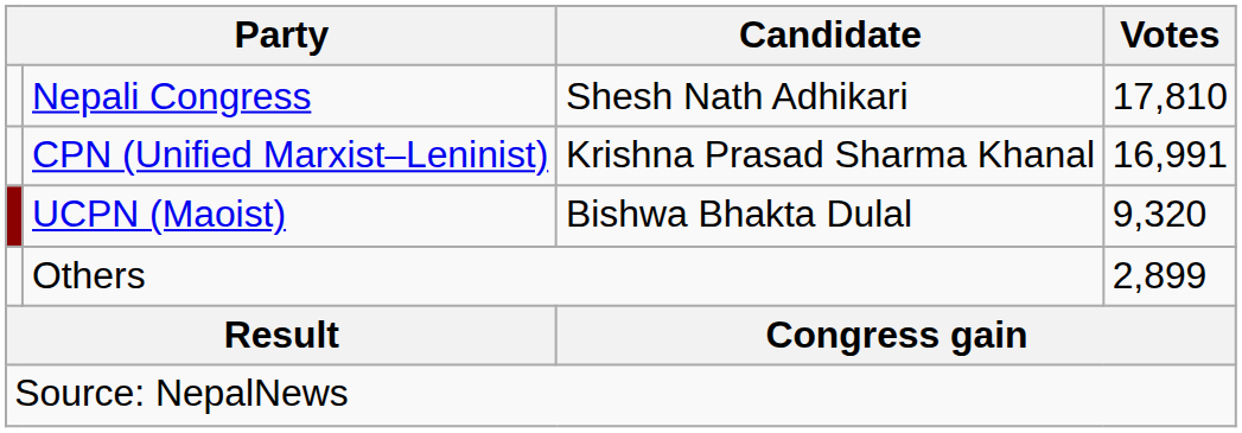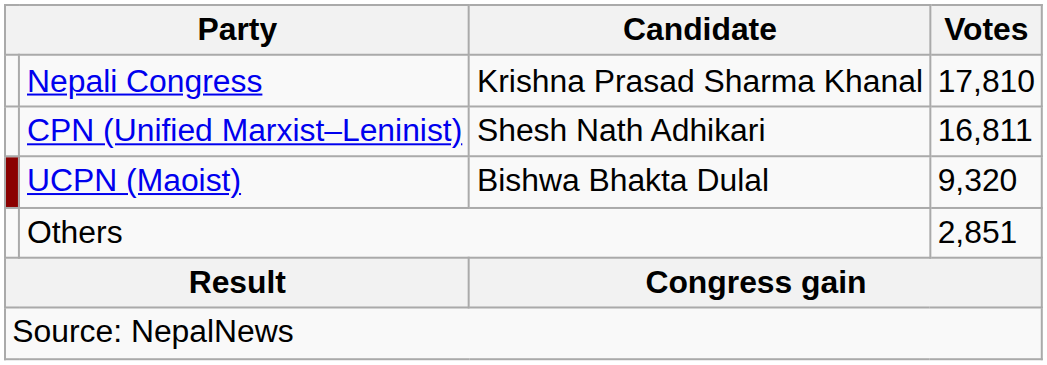 <table class="wikitable">
 <tr>
 <th colspan="2">Party</th>
 <th>Candidate</th>
 <th>Votes</th>
 </tr>
 <tr>
 <td style="background-color:"></td>
 <td><a href='#'>Nepali Congress</a></td>
-<td>Shesh Nath Adhikari</td>
+<td>Krishna Prasad Sharma Khanal</td>
 <td>17,810</td>
 </tr>
 <tr>
 <td style="background-color:"></td>
 <td><a href='#'>CPN (Unified Marxist–Leninist)</a></td>
-<td>Krishna Prasad Sharma Khanal</td>
-<td>16,991</td>
+<td>Shesh Nath Adhikari</td>
+<td>16,811</td>
 </tr>
 <tr>
 <td style="background-color:darkred"></td>
 <td><a href='#'>UCPN (Maoist)</a></td>
 <td>Bishwa Bhakta Dulal</td>
 <td>9,320</td>
 </tr>
 <tr>
 <td></td>
 <td colspan="2">Others</td>
-<td>2,899</td>
+<td>2,851</td>
 </tr>
 <tr>
 <th colspan="2">Result</th>
 <th colspan="2">Congress gain</th>
 </tr>
 <tr>
 <td colspan="4">Source: NepalNews</td>
 </tr>
 </table>
